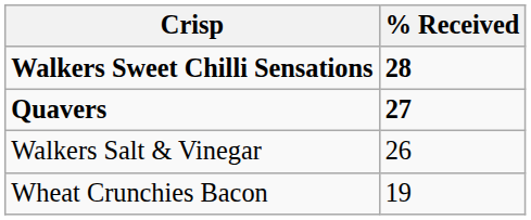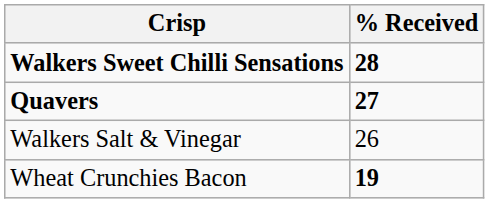 <table class="wikitable">
 <tr>
 <th>Crisp</th>
 <th>% Received</th>
 </tr>
 <tr>
 <td><strong>Walkers Sweet Chilli Sensations</strong></td>
 <td><strong>28</strong></td>
 </tr>
 <tr>
 <td><strong>Quavers</strong></td>
 <td><strong>27</strong></td>
 </tr>
 <tr>
 <td>Walkers Salt & Vinegar</td>
 <td>26</td>
 </tr>
 <tr>
 <td>Wheat Crunchies Bacon</td>
-<td>19</td>
+<td><strong>19</strong></td>
 </tr>
 </table>
